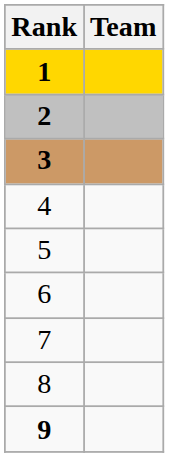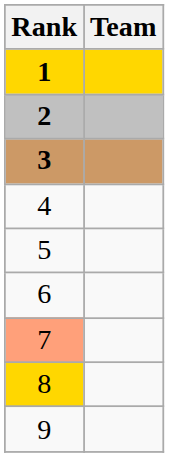 <table class="wikitable" style="text-align:center">
 <tr>
 <th>Rank</th>
 <th>Team</th>
 </tr>
 <tr bgcolor="gold">
 <td><strong>1</strong></td>
 <td align="left"><strong></strong></td>
 </tr>
 <tr bgcolor="silver">
 <td><strong>2</strong></td>
 <td align="left"><strong></strong></td>
 </tr>
 <tr bgcolor="#CC9966">
 <td><strong>3</strong></td>
 <td align="left"><strong></strong></td>
 </tr>
 <tr>
 <td>4</td>
 <td align="left"><strong></strong></td>
 </tr>
 <tr>
 <td>5</td>
 <td align="left"><strong></strong></td>
 </tr>
 <tr>
 <td>6</td>
 <td align="left"><strong></strong></td>
 </tr>
 <tr>
-<td>7</td>
+<td style="background: lightsalmon;">7</td>
 <td align="left"><strong></strong></td>
 </tr>
 <tr>
-<td>8</td>
+<td style="background: gold;">8</td>
 <td align="left"><strong></strong></td>
 </tr>
 <tr>
-<td><strong>9</strong></td>
+<td>9</td>
 <td align="left"><strong></strong></td>
 </tr>
 </table>
